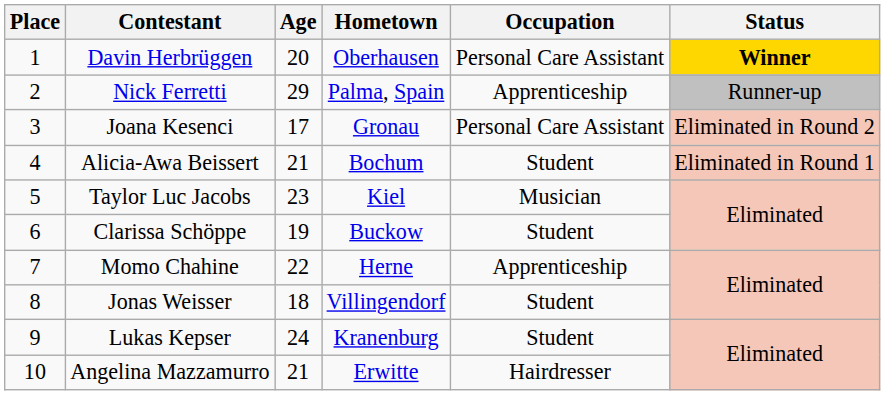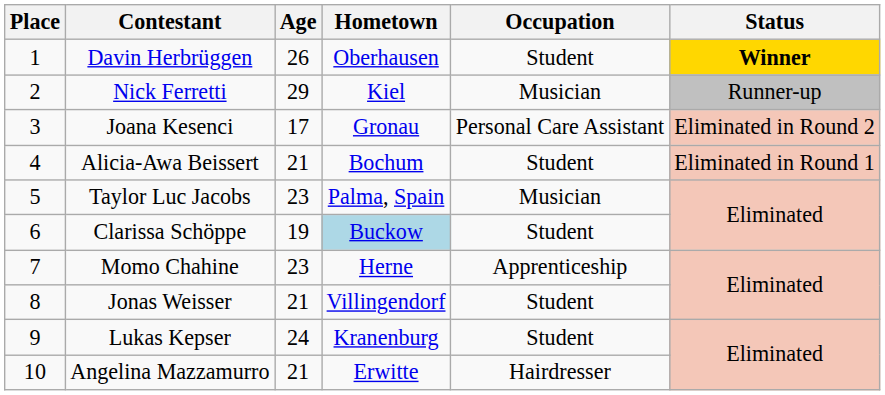 <table class="wikitable center" style="text-align:center;">
 <tr>
 <th>Place</th>
 <th>Contestant</th>
 <th>Age</th>
 <th>Hometown</th>
 <th>Occupation</th>
 <th>Status</th>
 </tr>
 <tr>
 <td>1</td>
 <td><a href='#'>Davin Herbrüggen</a></td>
-<td>20</td>
+<td>26</td>
 <td><a href='#'>Oberhausen</a></td>
-<td>Personal Care Assistant</td>
+<td>Student</td>
 <td style="background:gold;"><strong>Winner</strong></td>
 </tr>
 <tr>
 <td>2</td>
 <td><a href='#'>Nick Ferretti</a></td>
 <td>29</td>
-<td><a href='#'>Palma</a>, <a href='#'>Spain</a></td>
-<td>Apprenticeship</td>
+<td><a href='#'>Kiel</a></td>
+<td>Musician</td>
 <td style="background:silver;">Runner-up</td>
 </tr>
 <tr>
 <td>3</td>
 <td>Joana Kesenci</td>
 <td>17</td>
 <td><a href='#'>Gronau</a></td>
 <td>Personal Care Assistant</td>
 <td bgcolor="#F4C7B8">Eliminated in Round 2<br></td>
 </tr>
 <tr>
 <td>4</td>
 <td>Alicia-Awa Beissert</td>
 <td>21</td>
 <td><a href='#'>Bochum</a></td>
 <td>Student</td>
 <td bgcolor="#F4C7B8">Eliminated in Round 1<br></td>
 </tr>
 <tr>
 <td>5</td>
 <td>Taylor Luc Jacobs</td>
 <td>23</td>
-<td><a href='#'>Kiel</a></td>
+<td><a href='#'>Palma</a>, <a href='#'>Spain</a></td>
 <td>Musician</td>
 <td rowspan="2" bgcolor="#F4C7B8">Eliminated<br></td>
 </tr>
 <tr>
 <td>6</td>
 <td>Clarissa Schöppe</td>
 <td>19</td>
-<td><a href='#'>Buckow</a></td>
+<td style="background: lightblue;"><a href='#'>Buckow</a></td>
 <td>Student</td>
 </tr>
 <tr>
 <td>7</td>
 <td>Momo Chahine</td>
-<td>22</td>
+<td>23</td>
 <td><a href='#'>Herne</a></td>
 <td>Apprenticeship</td>
 <td rowspan="2" bgcolor="#F4C7B8">Eliminated<br></td>
 </tr>
 <tr>
 <td>8</td>
 <td>Jonas Weisser</td>
-<td>18</td>
+<td>21</td>
 <td><a href='#'>Villingendorf</a></td>
 <td>Student</td>
 </tr>
 <tr>
 <td>9</td>
 <td>Lukas Kepser</td>
 <td>24</td>
 <td><a href='#'>Kranenburg</a></td>
 <td>Student</td>
 <td rowspan="2" bgcolor="#F4C7B8">Eliminated<br></td>
 </tr>
 <tr>
 <td>10</td>
 <td>Angelina Mazzamurro</td>
 <td>21</td>
 <td><a href='#'>Erwitte</a></td>
 <td>Hairdresser</td>
 </tr>
 </table>
